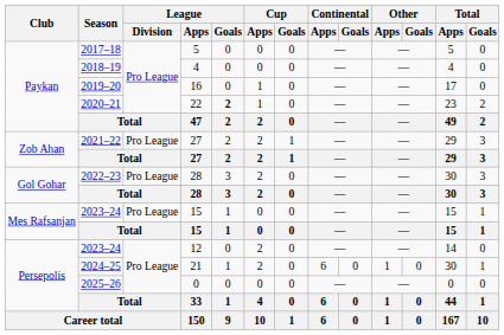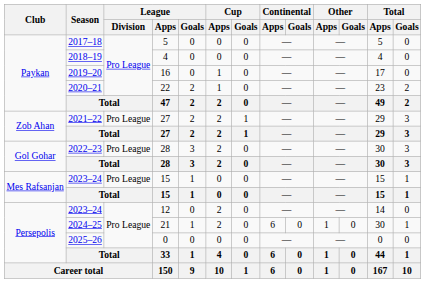 <table class="wikitable" style="text-align: center">
 <tr>
 <th rowspan="2">Club</th>
 <th rowspan="2">Season</th>
 <th colspan="3">League</th>
 <th colspan="2">Cup</th>
 <th colspan="2">Continental</th>
 <th colspan="2">Other</th>
 <th colspan="2">Total</th>
 </tr>
 <tr>
 <th>Division</th>
 <th>Apps</th>
 <th>Goals</th>
 <th>Apps</th>
 <th>Goals</th>
 <th>Apps</th>
 <th>Goals</th>
 <th>Apps</th>
 <th>Goals</th>
 <th>Apps</th>
 <th>Goals</th>
 </tr>
 <tr>
 <td rowspan="5"><a href='#'>Paykan</a></td>
 <td><a href='#'>2017–18</a></td>
 <td rowspan="4"><a href='#'>Pro League</a></td>
 <td>5</td>
 <td>0</td>
 <td>0</td>
 <td>0</td>
 <td colspan="2">—</td>
 <td colspan="2">—</td>
 <td>5</td>
 <td>0</td>
 </tr>
 <tr>
 <td><a href='#'>2018–19</a></td>
 <td>4</td>
 <td>0</td>
 <td>0</td>
 <td>0</td>
 <td colspan="2">—</td>
 <td colspan="2">—</td>
 <td>4</td>
 <td>0</td>
 </tr>
 <tr>
 <td><a href='#'>2019–20</a></td>
 <td>16</td>
 <td>0</td>
 <td>1</td>
 <td>0</td>
 <td colspan="2">—</td>
 <td colspan="2">—</td>
 <td>17</td>
 <td>0</td>
 </tr>
 <tr>
 <td><a href='#'>2020–21</a></td>
 <td>22</td>
-<td><strong>2</strong></td>
+<td>2</td>
 <td>1</td>
 <td>0</td>
 <td colspan="2">—</td>
 <td colspan="2">—</td>
 <td>23</td>
 <td>2</td>
 </tr>
 <tr>
 <th colspan="2">Total</th>
 <th>47</th>
 <th>2</th>
 <th>2</th>
 <th>0</th>
 <th colspan="2">—</th>
 <th colspan="2">—</th>
 <th>49</th>
 <th>2</th>
 </tr>
 <tr>
 <td rowspan="2"><a href='#'>Zob Ahan</a></td>
 <td><a href='#'>2021–22</a></td>
 <td>Pro League</td>
 <td>27</td>
 <td>2</td>
 <td>2</td>
 <td>1</td>
 <td colspan="2">—</td>
 <td colspan="2">—</td>
 <td>29</td>
 <td>3</td>
 </tr>
 <tr>
 <th colspan="2">Total</th>
 <th>27</th>
 <th>2</th>
 <th>2</th>
 <th>1</th>
 <th colspan="2">—</th>
 <th colspan="2">—</th>
 <th>29</th>
 <th>3</th>
 </tr>
 <tr>
 <td rowspan="2"><a href='#'>Gol Gohar</a></td>
 <td><a href='#'>2022–23</a></td>
 <td>Pro League</td>
 <td>28</td>
 <td>3</td>
 <td>2</td>
 <td>0</td>
 <td colspan="2">—</td>
 <td colspan="2">—</td>
 <td>30</td>
 <td>3</td>
 </tr>
 <tr>
 <th colspan="2">Total</th>
 <th>28</th>
 <th>3</th>
 <th>2</th>
 <th>0</th>
 <th colspan="2">—</th>
 <th colspan="2">—</th>
 <th>30</th>
 <th>3</th>
 </tr>
 <tr>
 <td rowspan="2"><a href='#'>Mes Rafsanjan</a></td>
 <td><a href='#'>2023–24</a></td>
 <td>Pro League</td>
 <td>15</td>
 <td>1</td>
 <td>0</td>
 <td>0</td>
 <td colspan="2">—</td>
 <td colspan="2">—</td>
 <td>15</td>
 <td>1</td>
 </tr>
 <tr>
 <th colspan="2">Total</th>
 <th>15</th>
 <th>1</th>
 <th>0</th>
 <th>0</th>
 <th colspan="2">—</th>
 <th colspan="2">—</th>
 <th>15</th>
 <th>1</th>
 </tr>
 <tr>
 <td rowspan="4"><a href='#'>Persepolis</a></td>
 <td><a href='#'>2023–24</a></td>
 <td rowspan="3">Pro League</td>
 <td>12</td>
 <td>0</td>
 <td>2</td>
 <td>0</td>
 <td colspan="2">—</td>
 <td colspan="2">—</td>
 <td>14</td>
 <td>0</td>
 </tr>
 <tr>
 <td><a href='#'>2024–25</a></td>
 <td>21</td>
 <td>1</td>
 <td>2</td>
 <td>0</td>
 <td>6</td>
 <td>0</td>
 <td>1</td>
 <td>0</td>
 <td>30</td>
 <td>1</td>
 </tr>
 <tr>
 <td><a href='#'>2025–26</a></td>
 <td>0</td>
 <td>0</td>
 <td>0</td>
 <td>0</td>
 <td colspan="2">—</td>
 <td colspan="2">—</td>
 <td>0</td>
 <td>0</td>
 </tr>
 <tr>
 <th colspan="2">Total</th>
 <th>33</th>
 <th>1</th>
 <th>4</th>
 <th>0</th>
 <th>6</th>
 <th>0</th>
 <th>1</th>
 <th>0</th>
 <th>44</th>
 <th>1</th>
 </tr>
 <tr>
 <th colspan="3">Career total</th>
 <th>150</th>
 <th>9</th>
 <th>10</th>
 <th>1</th>
 <th>6</th>
 <th>0</th>
 <th>1</th>
 <th>0</th>
 <th>167</th>
 <th>10</th>
 </tr>
 </table>
